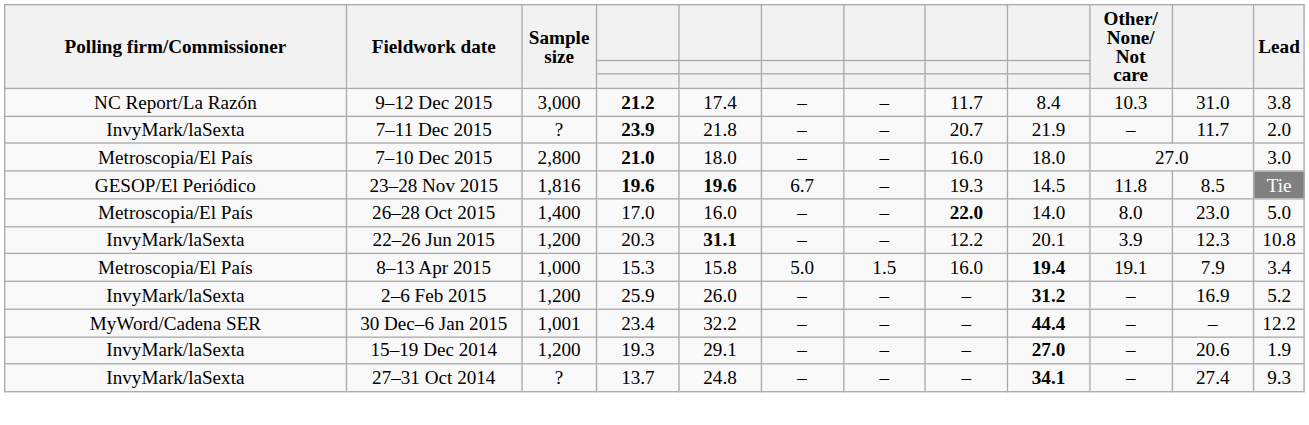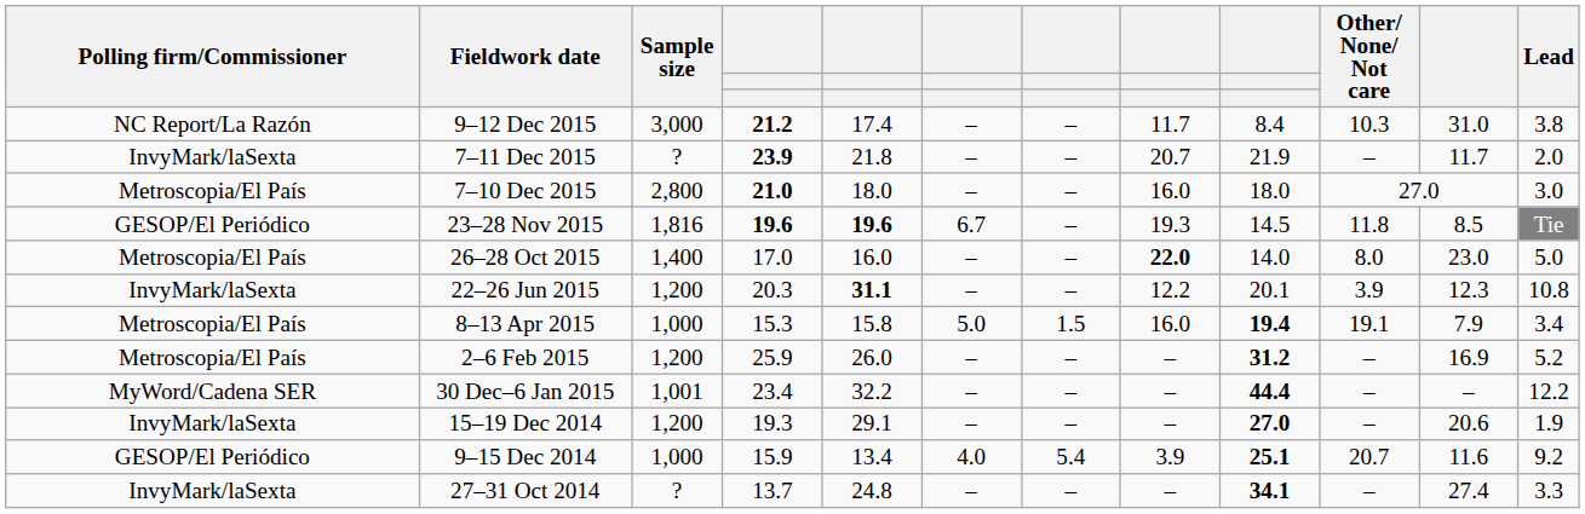 <table class="wikitable collapsible collapsed" style="text-align:center; font-size:90%; line-height:14px;">
 <tr style="height:42px;">
 <th style="width:250px;" rowspan="3">Polling firm/Commissioner</th>
 <th style="width:125px;" rowspan="3">Fieldwork date</th>
 <th style="width:50px;" rowspan="3">Sample size</th>
 <th style="width:55px;"></th>
 <th style="width:55px;"></th>
 <th style="width:55px;"></th>
 <th style="width:55px;"></th>
 <th style="width:55px;"></th>
 <th style="width:55px;"></th>
 <th style="width:55px;" rowspan="3">Other/<br>None/<br>Not<br>care</th>
 <th style="width:55px;" rowspan="3"></th>
 <th style="width:30px;" rowspan="3">Lead</th>
 </tr>
 <tr>
 <th style="color:inherit;background:"></th>
 <th style="color:inherit;background:"></th>
 <th style="color:inherit;background:"></th>
 <th style="color:inherit;background:"></th>
 <th style="color:inherit;background:"></th>
 <th style="color:inherit;background:"></th>
 </tr>
 <tr>
 <th></th>
 <th></th>
 <th></th>
 <th></th>
 <th></th>
 <th></th>
 </tr>
 <tr>
 <td>NC Report/La Razón</td>
 <td>9–12 Dec 2015</td>
 <td>3,000</td>
 <td><strong>21.2</strong></td>
 <td>17.4</td>
 <td>–</td>
 <td>–</td>
 <td>11.7</td>
 <td>8.4</td>
 <td>10.3</td>
 <td>31.0</td>
 <td style="background:">3.8</td>
 </tr>
 <tr>
 <td>InvyMark/laSexta</td>
 <td>7–11 Dec 2015</td>
 <td>?</td>
 <td><strong>23.9</strong></td>
 <td>21.8</td>
 <td>–</td>
 <td>–</td>
 <td>20.7</td>
 <td>21.9</td>
 <td>–</td>
 <td>11.7</td>
 <td style="background:">2.0</td>
 </tr>
 <tr>
 <td>Metroscopia/El País</td>
 <td>7–10 Dec 2015</td>
 <td>2,800</td>
 <td><strong>21.0</strong></td>
 <td>18.0</td>
 <td>–</td>
 <td>–</td>
 <td>16.0</td>
 <td>18.0</td>
 <td colspan="2">27.0</td>
 <td style="background:">3.0</td>
 </tr>
 <tr>
 <td>GESOP/El Periódico</td>
 <td>23–28 Nov 2015</td>
 <td>1,816</td>
 <td><strong>19.6</strong></td>
 <td><strong>19.6</strong></td>
 <td>6.7</td>
 <td>–</td>
 <td>19.3</td>
 <td>14.5</td>
 <td>11.8</td>
 <td>8.5</td>
 <td style="background:gray; color:white;">Tie</td>
 </tr>
 <tr>
 <td>Metroscopia/El País</td>
 <td>26–28 Oct 2015</td>
 <td>1,400</td>
 <td>17.0</td>
 <td>16.0</td>
 <td>–</td>
 <td>–</td>
 <td><strong>22.0</strong></td>
 <td>14.0</td>
 <td>8.0</td>
 <td>23.0</td>
 <td style="background:">5.0</td>
 </tr>
 <tr>
 <td>InvyMark/laSexta</td>
 <td>22–26 Jun 2015</td>
 <td>1,200</td>
 <td>20.3</td>
 <td><strong>31.1</strong></td>
 <td>–</td>
 <td>–</td>
 <td>12.2</td>
 <td>20.1</td>
 <td>3.9</td>
 <td>12.3</td>
 <td style="background:">10.8</td>
 </tr>
 <tr>
 <td>Metroscopia/El País</td>
 <td>8–13 Apr 2015</td>
 <td>1,000</td>
 <td>15.3</td>
 <td>15.8</td>
 <td>5.0</td>
 <td>1.5</td>
 <td>16.0</td>
 <td><strong>19.4</strong></td>
 <td>19.1</td>
 <td>7.9</td>
 <td style="background:">3.4</td>
 </tr>
 <tr>
-<td>InvyMark/laSexta</td>
+<td>Metroscopia/El País</td>
 <td>2–6 Feb 2015</td>
 <td>1,200</td>
 <td>25.9</td>
 <td>26.0</td>
 <td>–</td>
 <td>–</td>
 <td>–</td>
 <td><strong>31.2</strong></td>
 <td>–</td>
 <td>16.9</td>
 <td style="background:">5.2</td>
 </tr>
 <tr>
 <td>MyWord/Cadena SER</td>
 <td>30 Dec–6 Jan 2015</td>
 <td>1,001</td>
 <td>23.4</td>
 <td>32.2</td>
 <td>–</td>
 <td>–</td>
 <td>–</td>
 <td><strong>44.4</strong></td>
 <td>–</td>
 <td>–</td>
 <td style="background:">12.2</td>
 </tr>
 <tr>
 <td>InvyMark/laSexta</td>
 <td>15–19 Dec 2014</td>
 <td>1,200</td>
 <td>19.3</td>
 <td>29.1</td>
 <td>–</td>
 <td>–</td>
 <td>–</td>
 <td><strong>27.0</strong></td>
 <td>–</td>
 <td>20.6</td>
 <td style="background:">1.9</td>
 </tr>
 <tr>
+<td>GESOP/El Periódico</td>
+<td>9–15 Dec 2014</td>
+<td>1,000</td>
+<td>15.9</td>
+<td>13.4</td>
+<td>4.0</td>
+<td>5.4</td>
+<td>3.9</td>
+<td><strong>25.1</strong></td>
+<td>20.7</td>
+<td>11.6</td>
+<td style="background:">9.2</td>
+</tr>
+<tr>
 <td>InvyMark/laSexta</td>
 <td>27–31 Oct 2014</td>
 <td>?</td>
 <td>13.7</td>
 <td>24.8</td>
 <td>–</td>
 <td>–</td>
 <td>–</td>
 <td><strong>34.1</strong></td>
 <td>–</td>
 <td>27.4</td>
-<td style="background:">9.3</td>
+<td style="background:">3.3</td>
 </tr>
 </table>
